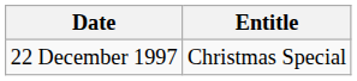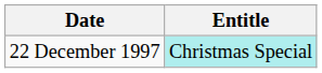 <table class="wikitable" style="text-align:center;">
 <tr>
 <th>Date</th>
 <th>Entitle</th>
 </tr>
 <tr>
 <td>22 December 1997</td>
-<td>Christmas Special</td>
+<td style="background: paleturquoise;">Christmas Special</td>
 </tr>
 </table>
